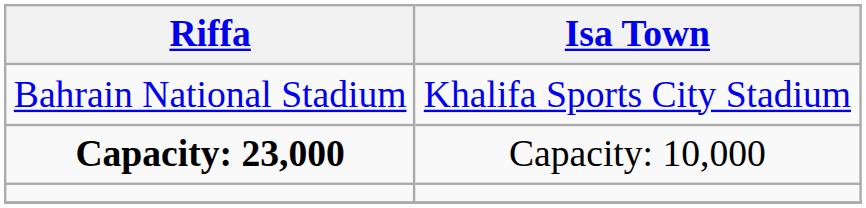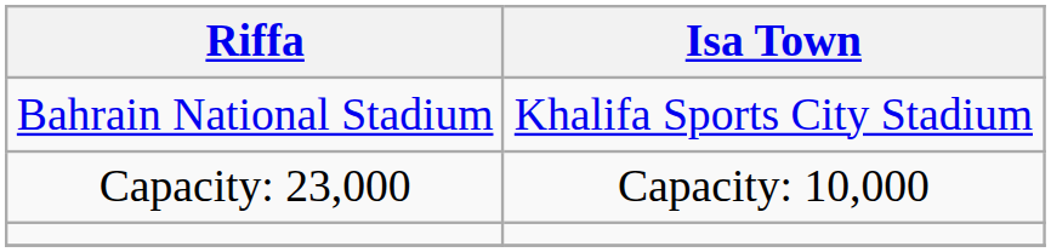 <table class="wikitable" style="text-align:center">
 <tr>
 <th><a href='#'>Riffa</a></th>
 <th><a href='#'>Isa Town</a></th>
 </tr>
 <tr>
 <td><a href='#'>Bahrain National Stadium</a></td>
 <td><a href='#'>Khalifa Sports City Stadium</a></td>
 </tr>
 <tr>
-<td><strong>Capacity: 23,000</strong></td>
+<td>Capacity: 23,000</td>
 <td>Capacity: 10,000</td>
 </tr>
 <tr>
 <td></td>
 <td></td>
 </tr>
 <tr>
 </tr>
 </table>
